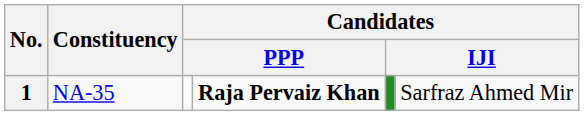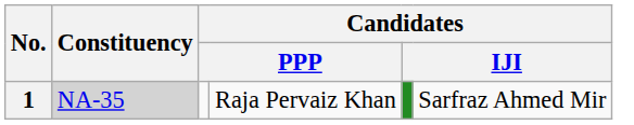 <table class="wikitable sortable">
 <tr>
 <th rowspan="2">No.</th>
 <th rowspan="2">Constituency</th>
 <th colspan="6">Candidates</th>
 </tr>
 <tr>
 <th colspan="2"><a href='#'>PPP</a></th>
 <th colspan="2"><a href='#'>IJI</a></th>
 </tr>
 <tr>
 <th>1</th>
-<td><a href='#'>NA-35</a></td>
+<td style="background: lightgrey;"><a href='#'>NA-35</a></td>
 <td style="color:inherit;background:"></td>
-<td><strong>Raja Pervaiz Khan</strong></td>
+<td>Raja Pervaiz Khan</td>
 <td style="background-color: #228b22"></td>
 <td>Sarfraz Ahmed Mir</td>
 </tr>
 </table>
